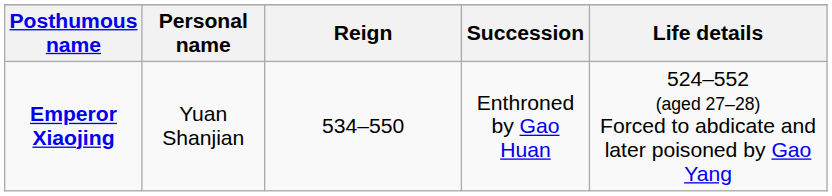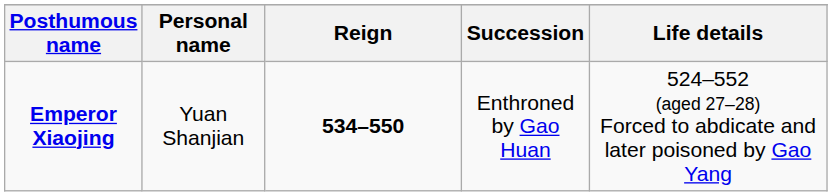 <table class="wikitable plainrowheaders" style="text-align:center; width:100%;">
 <tr>
 </tr>
 <tr>
 <th scope="col" width="15%"><a href='#'>Posthumous name</a></th>
 <th scope="col" width="15%">Personal name</th>
 <th scope="col" width="25%">Reign</th>
 <th scope="col" width="15%">Succession</th>
 <th scope="col" width="30%">Life details</th>
 </tr>
 <tr>
 <td><strong><a href='#'>Emperor Xiaojing</a></strong><br></td>
 <td>Yuan Shanjian<br></td>
-<td>534–550<br><small></small></td>
+<td><strong>534–550<br><small></small></strong></td>
 <td>Enthroned by <a href='#'>Gao Huan</a></td>
 <td>524–552<br><small>(aged 27–28)</small><br>Forced to abdicate and later poisoned by <a href='#'>Gao Yang</a></td>
 </tr>
 </table>
